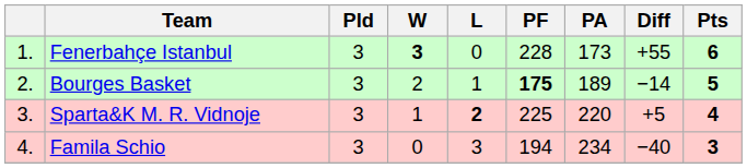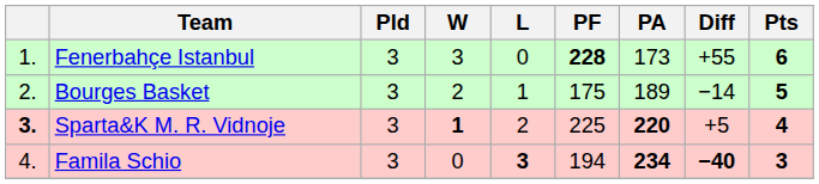 <table class="wikitable" style="text-align:center">
 <tr>
 <th width=25></th>
 <th width=220>Team</th>
 <th width=40>Pld</th>
 <th width=40>W</th>
 <th width=40>L</th>
 <th width=40>PF</th>
 <th width=40>PA</th>
 <th width=40>Diff</th>
 <th width=40>Pts</th>
 </tr>
 <tr style="background:#ccffcc;">
 <td>1.</td>
 <td align=left> <a href='#'>Fenerbahçe Istanbul</a></td>
 <td>3</td>
-<td><strong>3</strong></td>
+<td>3</td>
 <td>0</td>
-<td>228</td>
+<td><strong>228</strong></td>
 <td>173</td>
 <td>+55</td>
 <td><strong>6</strong></td>
 </tr>
 <tr style="background:#ccffcc;">
 <td>2.</td>
 <td align=left> <a href='#'>Bourges Basket</a></td>
 <td>3</td>
 <td>2</td>
 <td>1</td>
-<td><strong>175</strong></td>
+<td>175</td>
 <td>189</td>
 <td>−14</td>
 <td><strong>5</strong></td>
 </tr>
 <tr style="background:#ffcccc;">
-<td>3.</td>
+<td><strong>3.</strong></td>
 <td align=left> <a href='#'>Sparta&K M. R. Vidnoje</a></td>
 <td>3</td>
-<td>1</td>
-<td><strong>2</strong></td>
+<td><strong>1</strong></td>
+<td>2</td>
 <td>225</td>
-<td>220</td>
+<td><strong>220</strong></td>
 <td>+5</td>
 <td><strong>4</strong></td>
 </tr>
 <tr style="background:#ffcccc;">
 <td>4.</td>
 <td align=left> <a href='#'>Famila Schio</a></td>
 <td>3</td>
 <td>0</td>
-<td>3</td>
+<td><strong>3</strong></td>
 <td>194</td>
-<td>234</td>
-<td>−40</td>
+<td><strong>234</strong></td>
+<td><strong>−40</strong></td>
 <td><strong>3</strong></td>
 </tr>
 <tr>
 </tr>
 </table>
